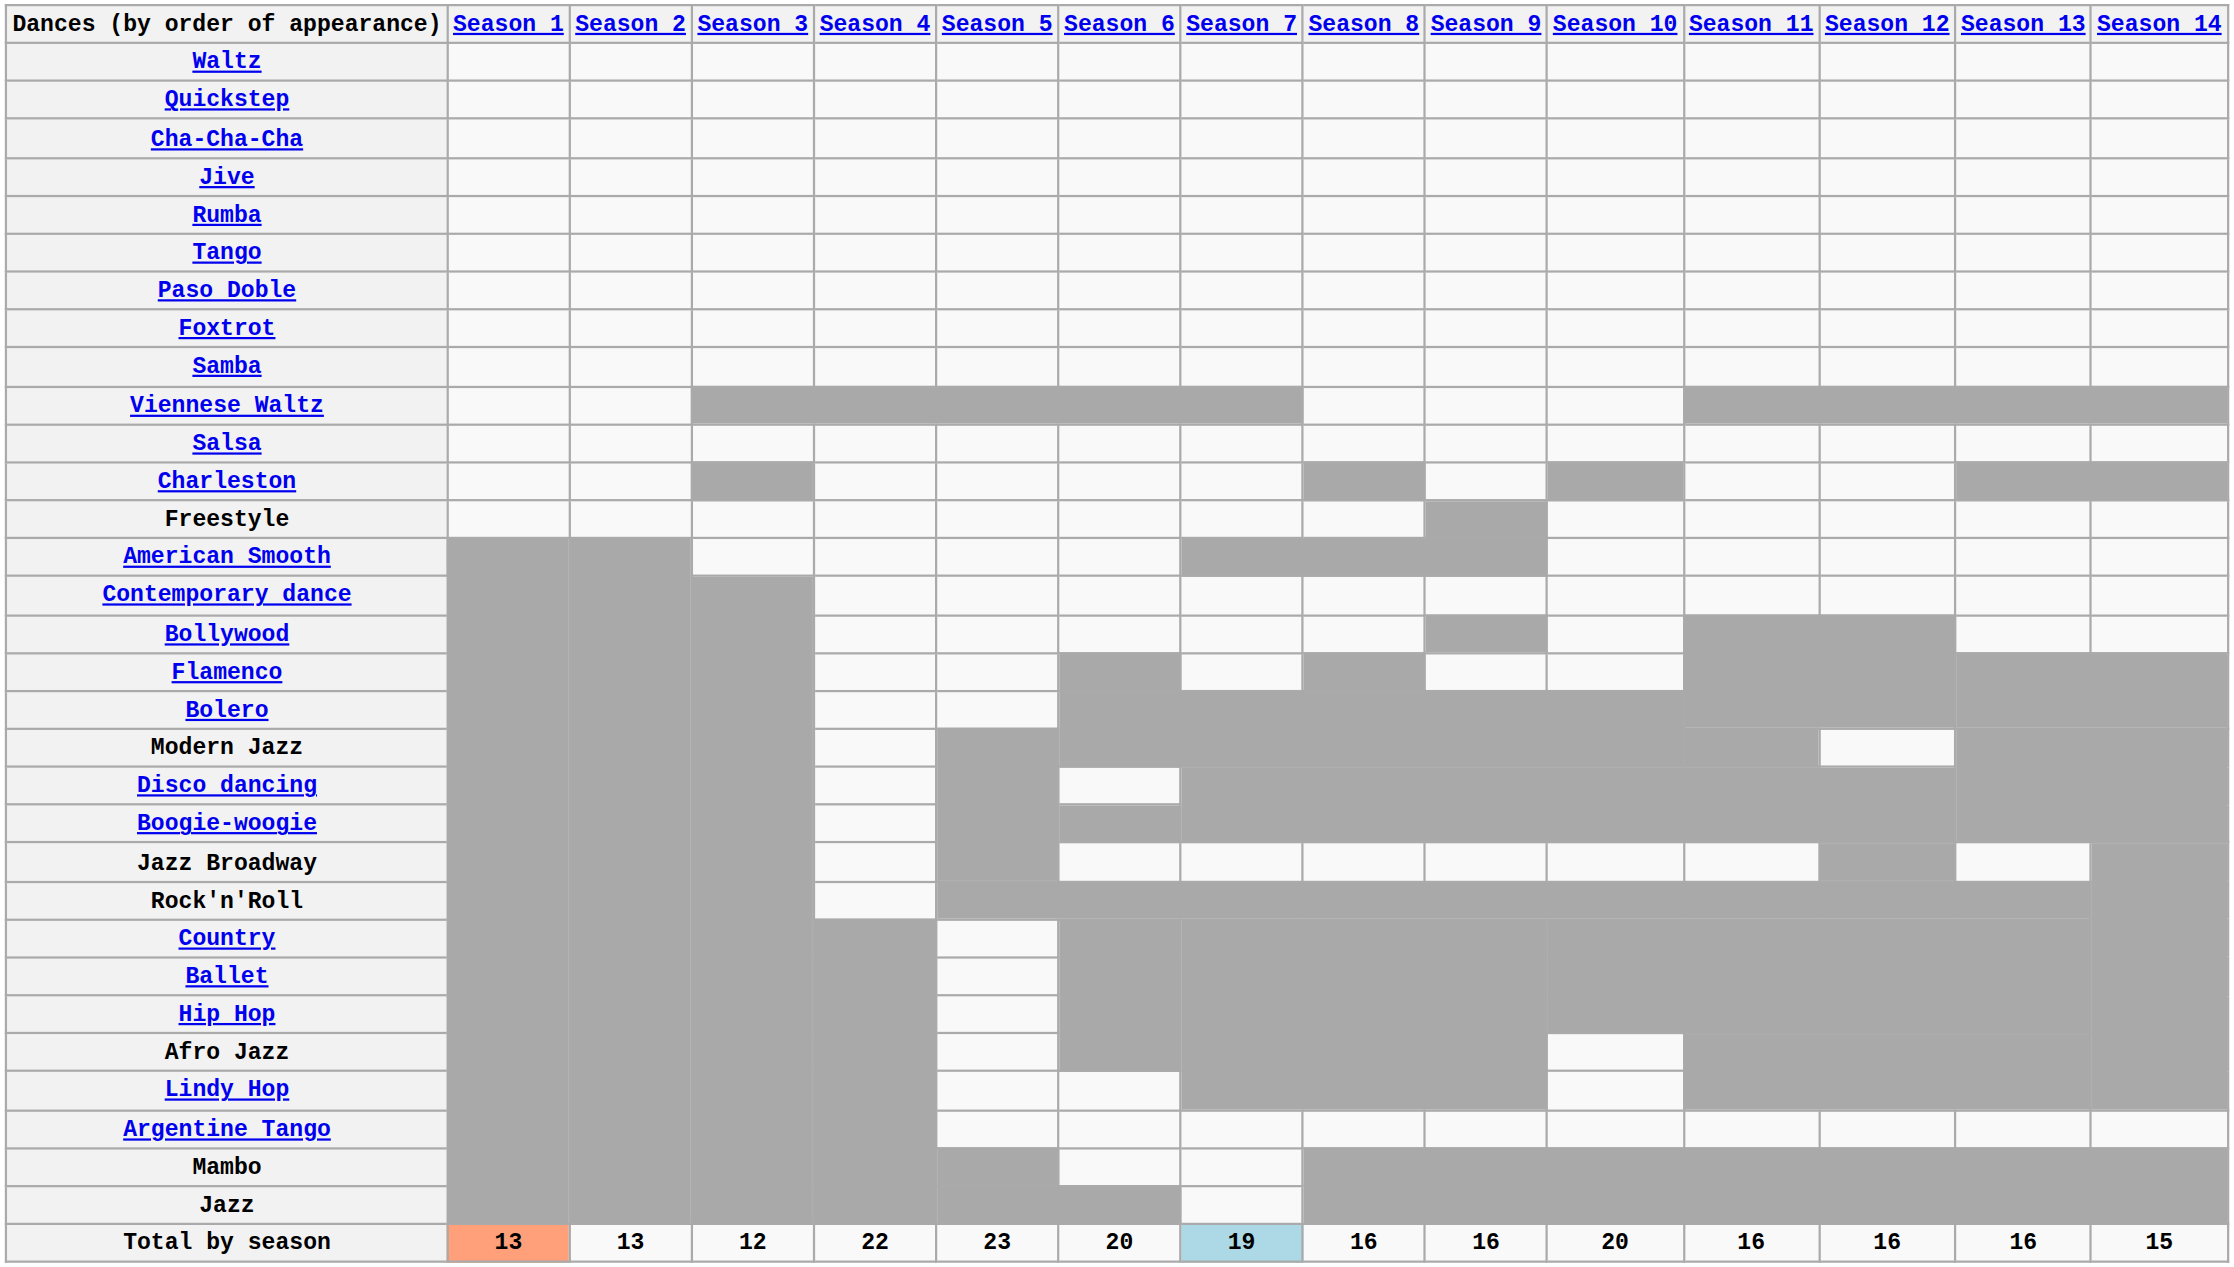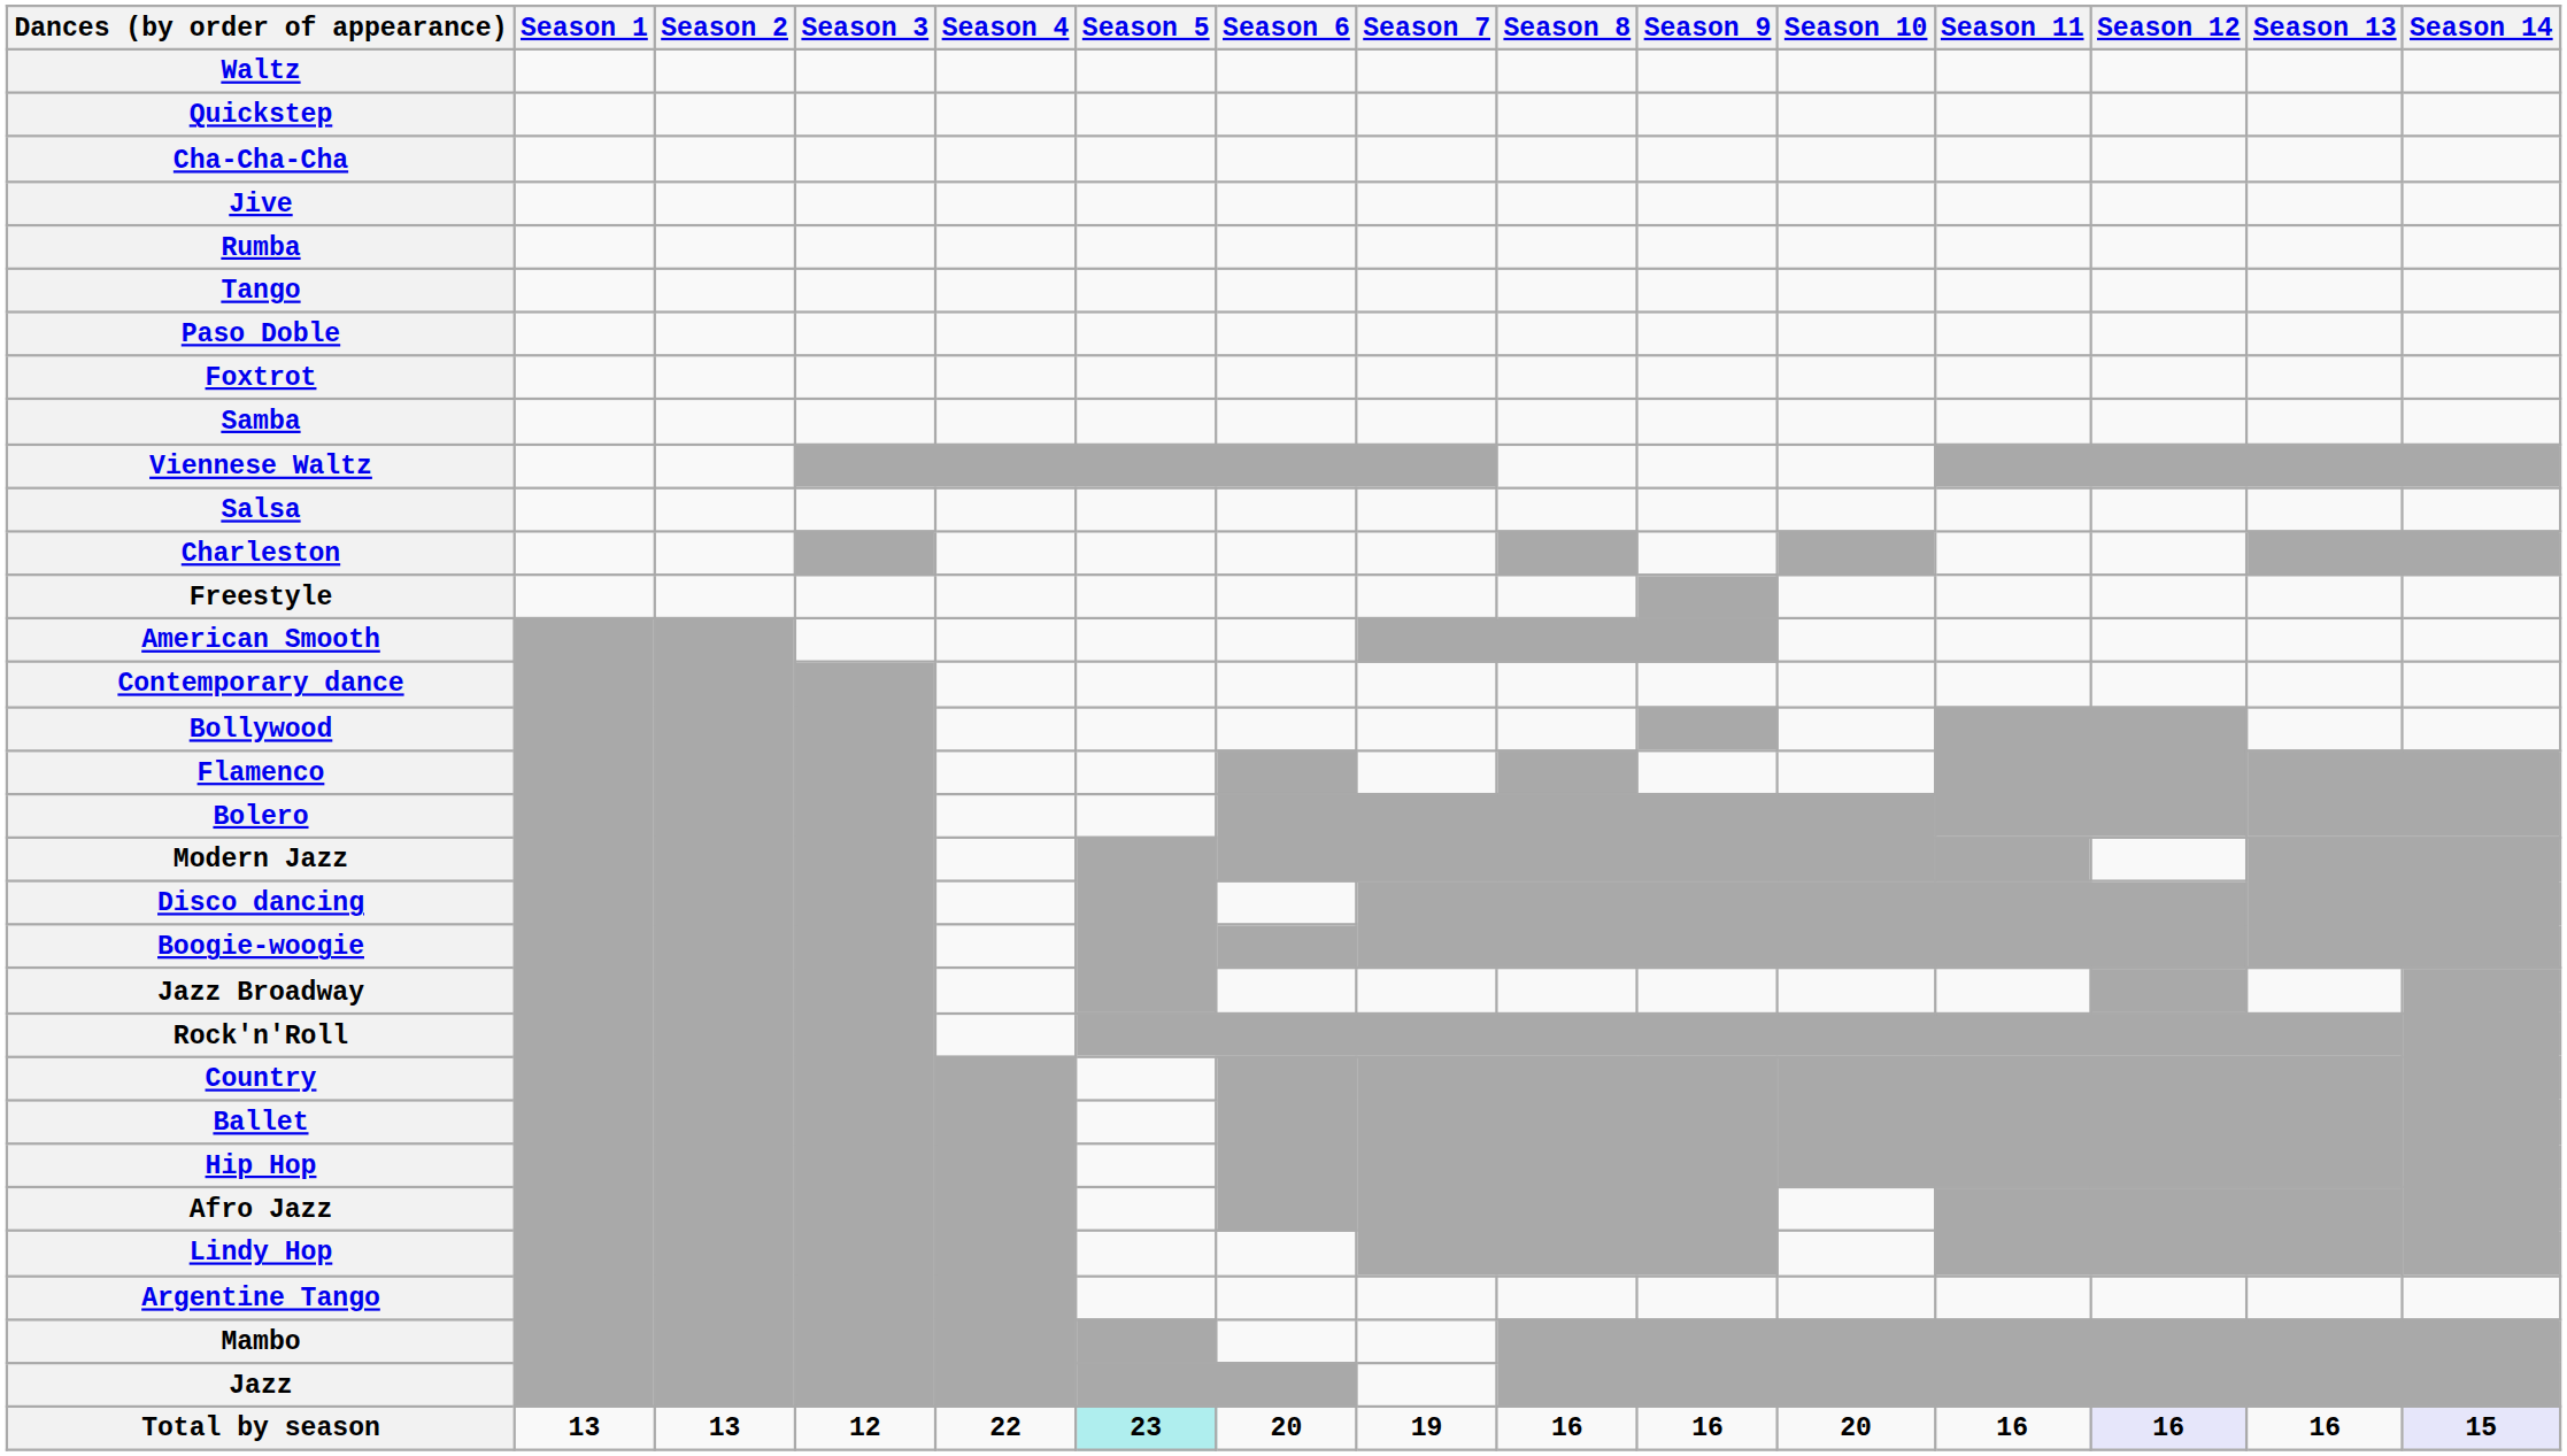 <table class="wikitable sortable center" style="margin:auto; text-align:center; font-size:80%">
 <tr>
 <th>Dances (by order of appearance)</th>
 <th><a href='#'>Season 1</a></th>
 <th><a href='#'>Season 2</a></th>
 <th><a href='#'>Season 3</a></th>
 <th><a href='#'>Season 4</a></th>
 <th><a href='#'>Season 5</a></th>
 <th><a href='#'>Season 6</a></th>
 <th><a href='#'>Season 7</a></th>
 <th><a href='#'>Season 8</a></th>
 <th><a href='#'>Season 9</a></th>
 <th><a href='#'>Season 10</a></th>
 <th><a href='#'>Season 11</a></th>
 <th><a href='#'>Season 12</a></th>
 <th><a href='#'>Season 13</a></th>
 <th><a href='#'>Season 14</a></th>
 </tr>
 <tr>
 <th><a href='#'>Waltz</a></th>
 <td></td>
 <td></td>
 <td></td>
 <td></td>
 <td></td>
 <td></td>
 <td></td>
 <td></td>
 <td></td>
 <td></td>
 <td></td>
 <td></td>
 <td></td>
 <td></td>
 </tr>
 <tr>
 <th><a href='#'>Quickstep</a></th>
 <td></td>
 <td></td>
 <td></td>
 <td></td>
 <td></td>
 <td></td>
 <td></td>
 <td></td>
 <td></td>
 <td></td>
 <td></td>
 <td></td>
 <td></td>
 <td></td>
 </tr>
 <tr>
 <th><a href='#'>Cha-Cha-Cha</a></th>
 <td></td>
 <td></td>
 <td></td>
 <td></td>
 <td></td>
 <td></td>
 <td></td>
 <td></td>
 <td></td>
 <td></td>
 <td></td>
 <td></td>
 <td></td>
 <td></td>
 </tr>
 <tr>
 <th><a href='#'>Jive</a></th>
 <td></td>
 <td></td>
 <td></td>
 <td></td>
 <td></td>
 <td></td>
 <td></td>
 <td></td>
 <td></td>
 <td></td>
 <td></td>
 <td></td>
 <td></td>
 <td></td>
 </tr>
 <tr>
 <th><a href='#'>Rumba</a></th>
 <td></td>
 <td></td>
 <td></td>
 <td></td>
 <td></td>
 <td></td>
 <td></td>
 <td></td>
 <td></td>
 <td></td>
 <td></td>
 <td></td>
 <td></td>
 <td></td>
 </tr>
 <tr>
 <th><a href='#'>Tango</a></th>
 <td></td>
 <td></td>
 <td></td>
 <td></td>
 <td></td>
 <td></td>
 <td></td>
 <td></td>
 <td></td>
 <td></td>
 <td></td>
 <td></td>
 <td></td>
 <td></td>
 </tr>
 <tr>
 <th><a href='#'>Paso Doble</a></th>
 <td></td>
 <td></td>
 <td></td>
 <td></td>
 <td></td>
 <td></td>
 <td></td>
 <td></td>
 <td></td>
 <td></td>
 <td></td>
 <td></td>
 <td></td>
 <td></td>
 </tr>
 <tr>
 <th><a href='#'>Foxtrot</a></th>
 <td></td>
 <td></td>
 <td></td>
 <td></td>
 <td></td>
 <td></td>
 <td></td>
 <td></td>
 <td></td>
 <td></td>
 <td></td>
 <td></td>
 <td></td>
 <td></td>
 </tr>
 <tr>
 <th><a href='#'>Samba</a></th>
 <td></td>
 <td></td>
 <td></td>
 <td></td>
 <td></td>
 <td></td>
 <td></td>
 <td></td>
 <td></td>
 <td></td>
 <td></td>
 <td></td>
 <td></td>
 <td></td>
 </tr>
 <tr>
 <th><a href='#'>Viennese Waltz</a></th>
 <td></td>
 <td></td>
 <td colspan="5" style="background:darkgray"></td>
 <td></td>
 <td></td>
 <td></td>
 <td colspan="4" style="background:darkgray"></td>
 </tr>
 <tr>
 <th><a href='#'>Salsa</a></th>
 <td></td>
 <td></td>
 <td></td>
 <td></td>
 <td></td>
 <td></td>
 <td></td>
 <td></td>
 <td></td>
 <td></td>
 <td></td>
 <td></td>
 <td></td>
 <td></td>
 </tr>
 <tr>
 <th><a href='#'>Charleston</a></th>
 <td></td>
 <td></td>
 <td style="background:darkgray"></td>
 <td></td>
 <td></td>
 <td></td>
 <td></td>
 <td style="background:darkgray"></td>
 <td></td>
 <td style="background:darkgray"></td>
 <td></td>
 <td></td>
 <td colspan="2" style="background:darkgray"></td>
 </tr>
 <tr>
 <th>Freestyle</th>
 <td></td>
 <td></td>
 <td></td>
 <td></td>
 <td></td>
 <td></td>
 <td></td>
 <td></td>
 <td style="background:darkgray"></td>
 <td></td>
 <td></td>
 <td></td>
 <td></td>
 <td></td>
 </tr>
 <tr>
 <th><a href='#'>American Smooth</a></th>
 <td rowspan="18" style="background:darkgray"></td>
 <td rowspan="18" style="background:darkgray"></td>
 <td></td>
 <td></td>
 <td></td>
 <td></td>
 <td colspan="3" style="background:darkgray"></td>
 <td></td>
 <td></td>
 <td></td>
 <td></td>
 <td></td>
 </tr>
 <tr>
 <th><a href='#'>Contemporary dance</a></th>
 <td rowspan="17" style="background:darkgray"></td>
 <td></td>
 <td></td>
 <td></td>
 <td></td>
 <td></td>
 <td></td>
 <td></td>
 <td></td>
 <td></td>
 <td></td>
 <td></td>
 </tr>
 <tr>
 <th><a href='#'>Bollywood</a></th>
 <td></td>
 <td></td>
 <td></td>
 <td></td>
 <td></td>
 <td style="background:darkgray"></td>
 <td></td>
 <td colspan="2" rowspan="3" style="background:darkgray"></td>
 <td></td>
 <td></td>
 </tr>
 <tr>
 <th><a href='#'>Flamenco</a></th>
 <td></td>
 <td></td>
 <td style="background:darkgray"></td>
 <td></td>
 <td style="background:darkgray"></td>
 <td></td>
 <td></td>
 <td colspan="4" rowspan="2" style="background:darkgray"></td>
 </tr>
 <tr>
 <th><a href='#'>Bolero</a></th>
 <td></td>
 <td></td>
 <td colspan="5" rowspan="2" style="background:darkgray"></td>
 </tr>
 <tr>
 <th>Modern Jazz</th>
 <td></td>
 <td rowspan="4" style="background:darkgray"></td>
 <td style="background:darkgray"></td>
 <td></td>
 <td colspan="2" rowspan="3" style="background:darkgray"></td>
 </tr>
 <tr>
 <th><a href='#'>Disco dancing</a></th>
 <td></td>
 <td></td>
 <td colspan="6" rowspan="2" style="background:darkgray"></td>
 </tr>
 <tr>
 <th><a href='#'>Boogie-woogie</a></th>
 <td></td>
 <td style="background:darkgray"></td>
 </tr>
 <tr>
 <th>Jazz Broadway</th>
 <td></td>
 <td></td>
 <td></td>
 <td></td>
 <td></td>
 <td></td>
 <td></td>
 <td style="background:darkgray"></td>
 <td></td>
 <td rowspan="7" style="background:darkgray"></td>
 </tr>
 <tr>
 <th>Rock'n'Roll</th>
 <td></td>
 <td colspan="9" style="background:darkgray"></td>
 </tr>
 <tr>
 <th><a href='#'>Country</a></th>
 <td rowspan="8" style="background:darkgray"></td>
 <td></td>
 <td rowspan="4" style="background:darkgray"></td>
 <td colspan="3" rowspan="5" style="background:darkgray"></td>
 <td colspan="4" rowspan="3" style="background:darkgray"></td>
 </tr>
 <tr>
 <th><a href='#'>Ballet</a></th>
 <td></td>
 </tr>
 <tr>
 <th><a href='#'>Hip Hop</a></th>
 <td></td>
 </tr>
 <tr>
 <th>Afro Jazz</th>
 <td></td>
 <td></td>
 <td colspan="3" rowspan="2" style="background:darkgray"></td>
 </tr>
 <tr>
 <th><a href='#'>Lindy Hop</a></th>
 <td></td>
 <td></td>
 <td></td>
 </tr>
 <tr>
 <th><a href='#'>Argentine Tango</a></th>
 <td></td>
 <td></td>
 <td></td>
 <td></td>
 <td></td>
 <td></td>
 <td></td>
 <td></td>
 <td></td>
 <td></td>
 </tr>
 <tr>
 <th>Mambo</th>
 <td style="background:darkgray"></td>
 <td></td>
 <td></td>
 <td colspan="7" rowspan="2" style="background:darkgray"></td>
 </tr>
 <tr>
 <th>Jazz</th>
 <td colspan="2" style="background:darkgray"></td>
 <td></td>
 </tr>
 <tr>
 <th>Total by season</th>
-<td style="background: lightsalmon;"><strong>13</strong></td>
+<td><strong>13</strong></td>
 <td><strong>13</strong></td>
 <td><strong>12</strong></td>
 <td><strong>22</strong></td>
-<td><strong>23</strong></td>
+<td style="background: paleturquoise;"><strong>23</strong></td>
 <td><strong>20</strong></td>
-<td style="background: lightblue;"><strong>19</strong></td>
+<td><strong>19</strong></td>
 <td><strong>16</strong></td>
 <td><strong>16</strong></td>
 <td><strong>20</strong></td>
 <td><strong>16</strong></td>
+<td style="background: lavender;"><strong>16</strong></td>
 <td><strong>16</strong></td>
-<td><strong>16</strong></td>
-<td><strong>15</strong></td>
+<td style="background: lavender;"><strong>15</strong></td>
 </tr>
 </table>
